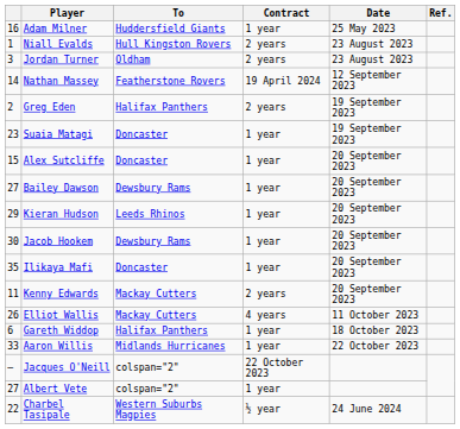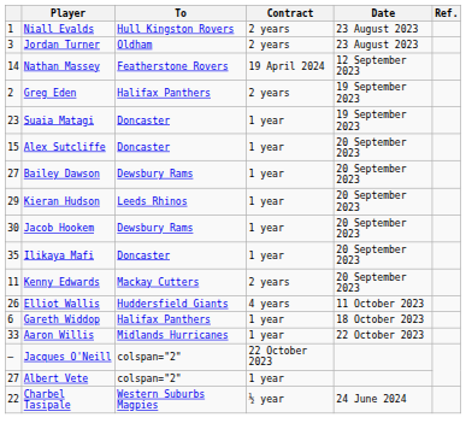 <table class="wikitable defaultleft col1center">
 <tr>
 <th></th>
 <th>Player</th>
 <th>To</th>
 <th>Contract</th>
 <th>Date</th>
 <th>Ref.</th>
-</tr>
-<tr>
-<td>16</td>
-<td> <a href='#'>Adam Milner</a></td>
-<td> <a href='#'>Huddersfield Giants</a></td>
-<td>1 year</td>
-<td>25 May 2023</td>
-<td></td>
 </tr>
 <tr>
 <td>1</td>
 <td> <a href='#'>Niall Evalds</a></td>
 <td> <a href='#'>Hull Kingston Rovers</a></td>
 <td>2 years</td>
 <td>23 August 2023</td>
 <td></td>
 </tr>
 <tr>
 <td>3</td>
 <td> <a href='#'>Jordan Turner</a></td>
 <td> <a href='#'>Oldham</a></td>
 <td>2 years</td>
 <td>23 August 2023</td>
 <td></td>
 </tr>
 <tr>
 <td>14</td>
 <td> <a href='#'>Nathan Massey</a></td>
 <td> <a href='#'>Featherstone Rovers</a></td>
 <td>19 April 2024</td>
 <td>12 September 2023</td>
 <td></td>
 </tr>
 <tr>
 <td>2</td>
 <td> <a href='#'>Greg Eden</a></td>
 <td> <a href='#'>Halifax Panthers</a></td>
 <td>2 years</td>
 <td>19 September 2023</td>
 <td></td>
 </tr>
 <tr>
 <td>23</td>
 <td> <a href='#'>Suaia Matagi</a></td>
 <td> <a href='#'>Doncaster</a></td>
 <td>1 year</td>
 <td>19 September 2023</td>
 <td></td>
 </tr>
 <tr>
 <td>15</td>
 <td> <a href='#'>Alex Sutcliffe</a></td>
 <td> <a href='#'>Doncaster</a></td>
 <td>1 year</td>
 <td>20 September 2023</td>
 <td></td>
 </tr>
 <tr>
 <td>27</td>
 <td> <a href='#'>Bailey Dawson</a></td>
 <td> <a href='#'>Dewsbury Rams</a></td>
 <td>1 year</td>
 <td>20 September 2023</td>
 <td></td>
 </tr>
 <tr>
 <td>29</td>
 <td> <a href='#'>Kieran Hudson</a></td>
 <td> <a href='#'>Leeds Rhinos</a></td>
 <td>1 year</td>
 <td>20 September 2023</td>
 <td></td>
 </tr>
 <tr>
 <td>30</td>
 <td> <a href='#'>Jacob Hookem</a></td>
 <td> <a href='#'>Dewsbury Rams</a></td>
 <td>1 year</td>
 <td>20 September 2023</td>
 <td></td>
 </tr>
 <tr>
 <td>35</td>
 <td> <a href='#'>Ilikaya Mafi</a></td>
 <td> <a href='#'>Doncaster</a></td>
 <td>1 year</td>
 <td>20 September 2023</td>
 <td></td>
 </tr>
 <tr>
 <td>11</td>
 <td> <a href='#'>Kenny Edwards</a></td>
 <td> <a href='#'>Mackay Cutters</a></td>
 <td>2 years</td>
 <td>20 September 2023</td>
 <td></td>
 </tr>
 <tr>
 <td>26</td>
 <td> <a href='#'>Elliot Wallis</a></td>
-<td> <a href='#'>Mackay Cutters</a></td>
+<td> <a href='#'>Huddersfield Giants</a></td>
 <td>4 years</td>
 <td>11 October 2023</td>
 <td></td>
 </tr>
 <tr>
 <td>6</td>
 <td> <a href='#'>Gareth Widdop</a></td>
 <td> <a href='#'>Halifax Panthers</a></td>
 <td>1 year</td>
 <td>18 October 2023</td>
 <td></td>
 </tr>
 <tr>
 <td>33</td>
 <td> <a href='#'>Aaron Willis</a></td>
 <td> <a href='#'>Midlands Hurricanes</a></td>
 <td>1 year</td>
 <td>22 October 2023</td>
 <td></td>
 </tr>
 <tr>
 <td>—</td>
 <td> <a href='#'>Jacques O'Neill</a></td>
 <td>colspan="2" </td>
 <td>22 October 2023</td>
 <td></td>
 </tr>
 <tr>
 <td>27</td>
 <td> <a href='#'>Albert Vete</a></td>
 <td>colspan="2" </td>
 <td>1 year</td>
 <td></td>
 </tr>
 <tr>
 <td>22</td>
 <td> <a href='#'>Charbel Tasipale</a></td>
 <td> <a href='#'>Western Suburbs Magpies</a></td>
 <td>½ year</td>
 <td>24 June 2024</td>
 <td></td>
 </tr>
 </table>
